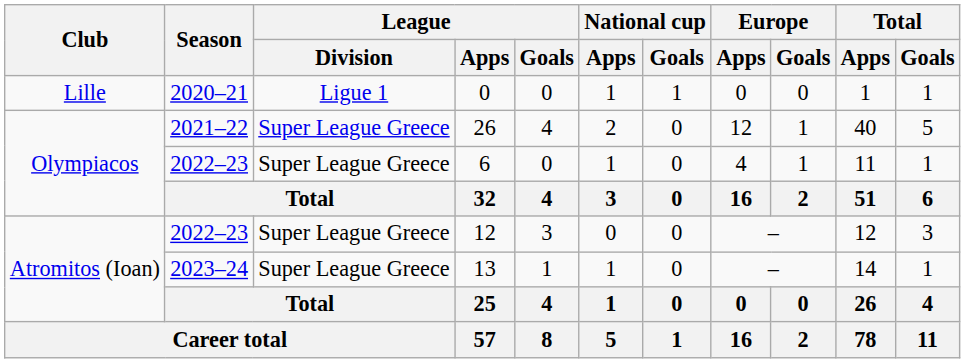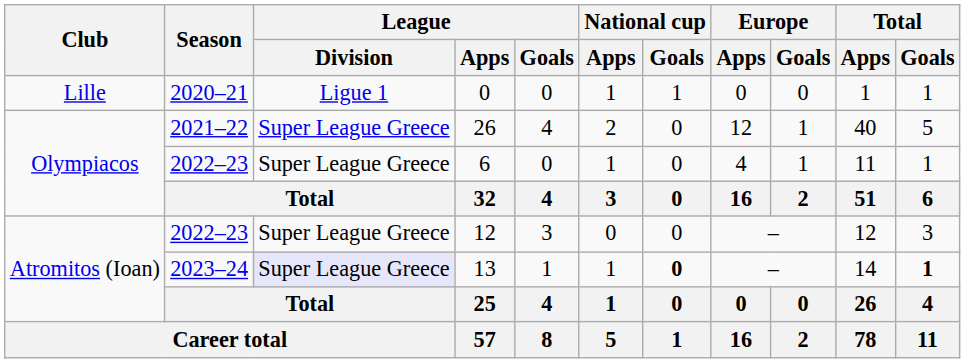 <table class="wikitable" style=" text-align:center">
 <tr>
 <th rowspan=2>Club</th>
 <th rowspan=2>Season</th>
 <th colspan=3>League</th>
 <th colspan=2>National cup</th>
 <th colspan=2>Europe</th>
 <th colspan=2>Total</th>
 </tr>
 <tr>
 <th>Division</th>
 <th>Apps</th>
 <th>Goals</th>
 <th>Apps</th>
 <th>Goals</th>
 <th>Apps</th>
 <th>Goals</th>
 <th>Apps</th>
 <th>Goals</th>
 </tr>
 <tr>
 <td><a href='#'>Lille</a></td>
 <td><a href='#'>2020–21</a></td>
 <td><a href='#'>Ligue 1</a></td>
 <td>0</td>
 <td>0</td>
 <td>1</td>
 <td>1</td>
 <td>0</td>
 <td>0</td>
 <td>1</td>
 <td>1</td>
 </tr>
 <tr>
 <td rowspan="3"><a href='#'>Olympiacos</a></td>
 <td><a href='#'>2021–22</a></td>
 <td><a href='#'>Super League Greece</a></td>
 <td>26</td>
 <td>4</td>
 <td>2</td>
 <td>0</td>
 <td>12</td>
 <td>1</td>
 <td>40</td>
 <td>5</td>
 </tr>
 <tr>
 <td><a href='#'>2022–23</a></td>
 <td>Super League Greece</td>
 <td>6</td>
 <td>0</td>
 <td>1</td>
 <td>0</td>
 <td>4</td>
 <td>1</td>
 <td>11</td>
 <td>1</td>
 </tr>
 <tr>
 <th colspan="2">Total</th>
 <th>32</th>
 <th>4</th>
 <th>3</th>
 <th>0</th>
 <th>16</th>
 <th>2</th>
 <th>51</th>
 <th>6</th>
 </tr>
 <tr>
 <td rowspan="3"><a href='#'>Atromitos</a> (Ioan)</td>
 <td><a href='#'>2022–23</a></td>
 <td>Super League Greece</td>
 <td>12</td>
 <td>3</td>
 <td>0</td>
 <td>0</td>
 <td colspan="2">–</td>
 <td>12</td>
 <td>3</td>
 </tr>
 <tr>
 <td><a href='#'>2023–24</a></td>
-<td>Super League Greece</td>
+<td style="background: lavender;">Super League Greece</td>
 <td>13</td>
 <td>1</td>
 <td>1</td>
-<td>0</td>
+<td><strong>0</strong></td>
 <td colspan="2">–</td>
 <td>14</td>
-<td>1</td>
+<td><strong>1</strong></td>
 </tr>
 <tr>
 <th colspan="2">Total</th>
 <th>25</th>
 <th>4</th>
 <th>1</th>
 <th>0</th>
 <th>0</th>
 <th>0</th>
 <th>26</th>
 <th>4</th>
 </tr>
 <tr>
 <th colspan="3">Career total</th>
 <th>57</th>
 <th>8</th>
 <th>5</th>
 <th>1</th>
 <th>16</th>
 <th>2</th>
 <th>78</th>
 <th>11</th>
 </tr>
 </table>
